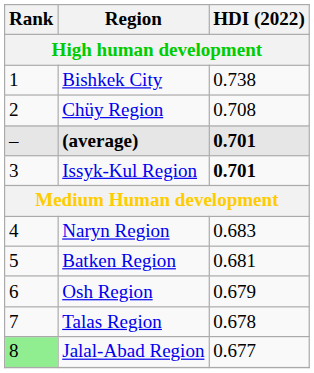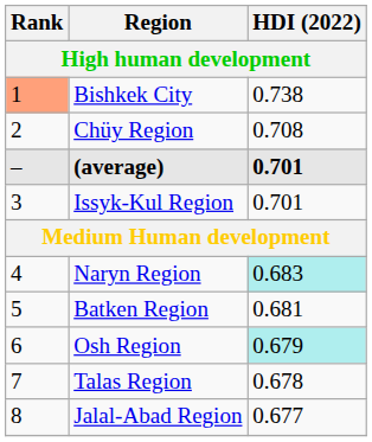 <table class="wikitable sortable">
 <tr>
 <th>Rank</th>
 <th>Region</th>
 <th>HDI (2022)</th>
 </tr>
 <tr>
 <th colspan="3" style="color:#0c0;">High human development</th>
 </tr>
 <tr>
-<td>1</td>
+<td style="background: lightsalmon;">1</td>
 <td> <a href='#'>Bishkek City</a></td>
 <td>0.738</td>
 </tr>
 <tr>
 <td>2</td>
 <td> <a href='#'>Chüy Region</a></td>
 <td>0.708</td>
 </tr>
 <tr style="background:#e6e6e6">
 <td>–</td>
 <td><strong> (average)</strong></td>
 <td><strong>0.701</strong></td>
 </tr>
 <tr>
 <td>3</td>
 <td> <a href='#'>Issyk-Kul Region</a></td>
-<td><strong>0.701</strong></td>
+<td>0.701</td>
 </tr>
 <tr>
 <th colspan="3" style="color:#fc0;">Medium Human development</th>
 </tr>
 <tr>
 <td>4</td>
 <td> <a href='#'>Naryn Region</a></td>
-<td>0.683</td>
+<td style="background: paleturquoise;">0.683</td>
 </tr>
 <tr>
 <td>5</td>
 <td> <a href='#'>Batken Region</a></td>
 <td>0.681</td>
 </tr>
 <tr>
 <td>6</td>
 <td> <a href='#'>Osh Region</a></td>
-<td>0.679</td>
+<td style="background: paleturquoise;">0.679</td>
 </tr>
 <tr>
 <td>7</td>
 <td> <a href='#'>Talas Region</a></td>
 <td>0.678</td>
 </tr>
 <tr>
-<td style="background: lightgreen;">8</td>
+<td>8</td>
 <td> <a href='#'>Jalal-Abad Region</a></td>
 <td>0.677</td>
 </tr>
 <tr>
 </tr>
 </table>
